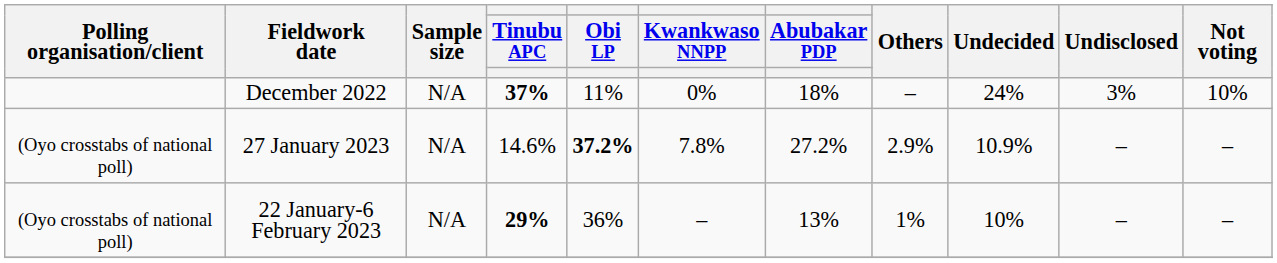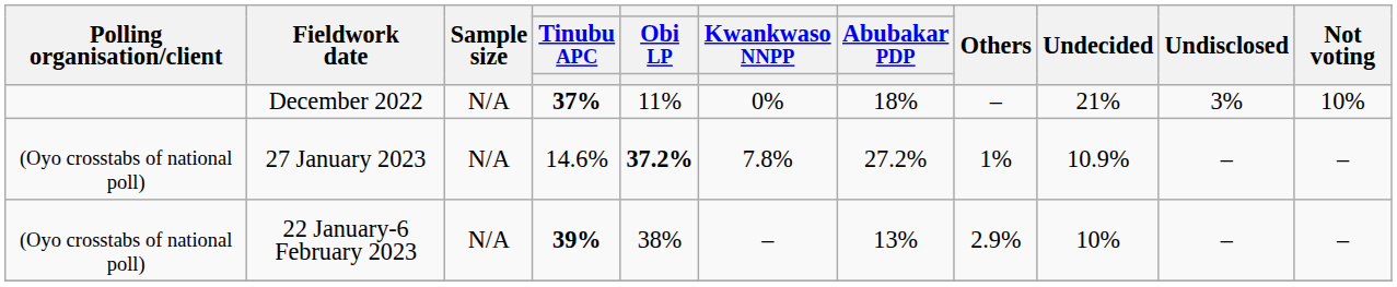 <table class="wikitable" style="text-align:center;font-size:95%;line-height:14px;">
 <tr>
 <th rowspan="3">Polling organisation/client</th>
 <th rowspan="3">Fieldwork<br>date</th>
 <th rowspan="3">Sample<br>size</th>
 <th></th>
 <th></th>
 <th></th>
 <th></th>
 <th rowspan="3">Others</th>
 <th rowspan="3">Undecided</th>
 <th rowspan="3">Undisclosed</th>
 <th rowspan="3">Not voting</th>
 </tr>
 <tr>
 <th><a href='#'>Tinubu</a><br><small><a href='#'>APC</a></small></th>
 <th><a href='#'>Obi</a><br><small><a href='#'>LP</a></small></th>
 <th><a href='#'>Kwankwaso</a><br><small><a href='#'>NNPP</a></small></th>
 <th><a href='#'>Abubakar</a><br><small><a href='#'>PDP</a></small></th>
 </tr>
 <tr>
 <th style="background:"></th>
 <th style="background:"></th>
 <th style="background:"></th>
 <th style="background:"></th>
 </tr>
 <tr>
 <td></td>
 <td>December 2022</td>
 <td>N/A</td>
 <td><strong>37%</strong></td>
 <td>11%</td>
 <td>0%</td>
 <td>18%</td>
 <td>–</td>
-<td>24%</td>
+<td>21%</td>
 <td>3%</td>
 <td>10%</td>
 </tr>
 <tr>
 <td><br><small>(Oyo crosstabs of national poll)</small></td>
 <td>27 January 2023</td>
 <td>N/A</td>
 <td>14.6%</td>
 <td><strong>37.2%</strong></td>
 <td>7.8%</td>
 <td>27.2%</td>
-<td>2.9%</td>
+<td>1%</td>
 <td>10.9%</td>
 <td>–</td>
 <td>–</td>
 </tr>
 <tr>
 <td><br><small>(Oyo crosstabs of national poll)</small></td>
 <td>22 January-6 February 2023</td>
 <td>N/A</td>
-<td><strong>29%</strong></td>
-<td>36%</td>
+<td><strong>39%</strong></td>
+<td>38%</td>
 <td>–</td>
 <td>13%</td>
-<td>1%</td>
+<td>2.9%</td>
 <td>10%</td>
 <td>–</td>
 <td>–</td>
 </tr>
 <tr>
 </tr>
 </table>
